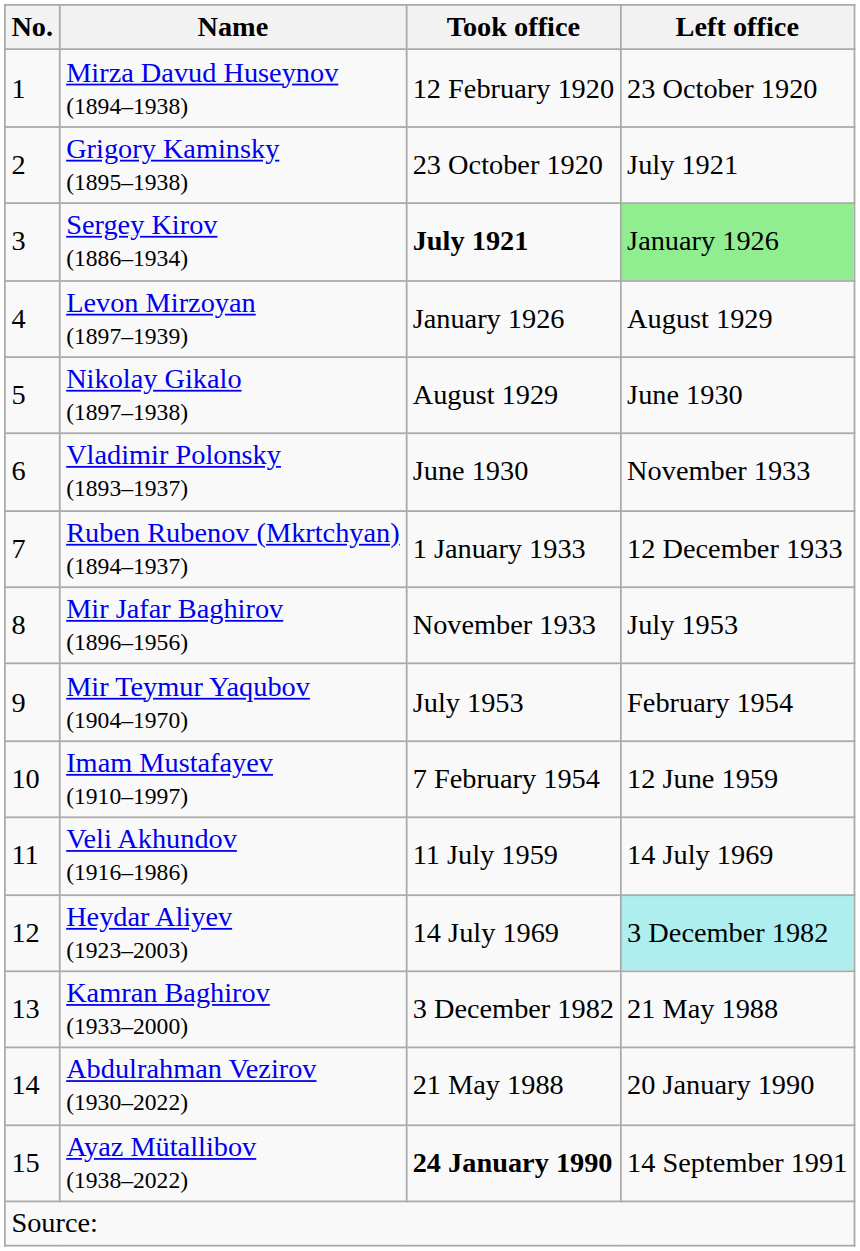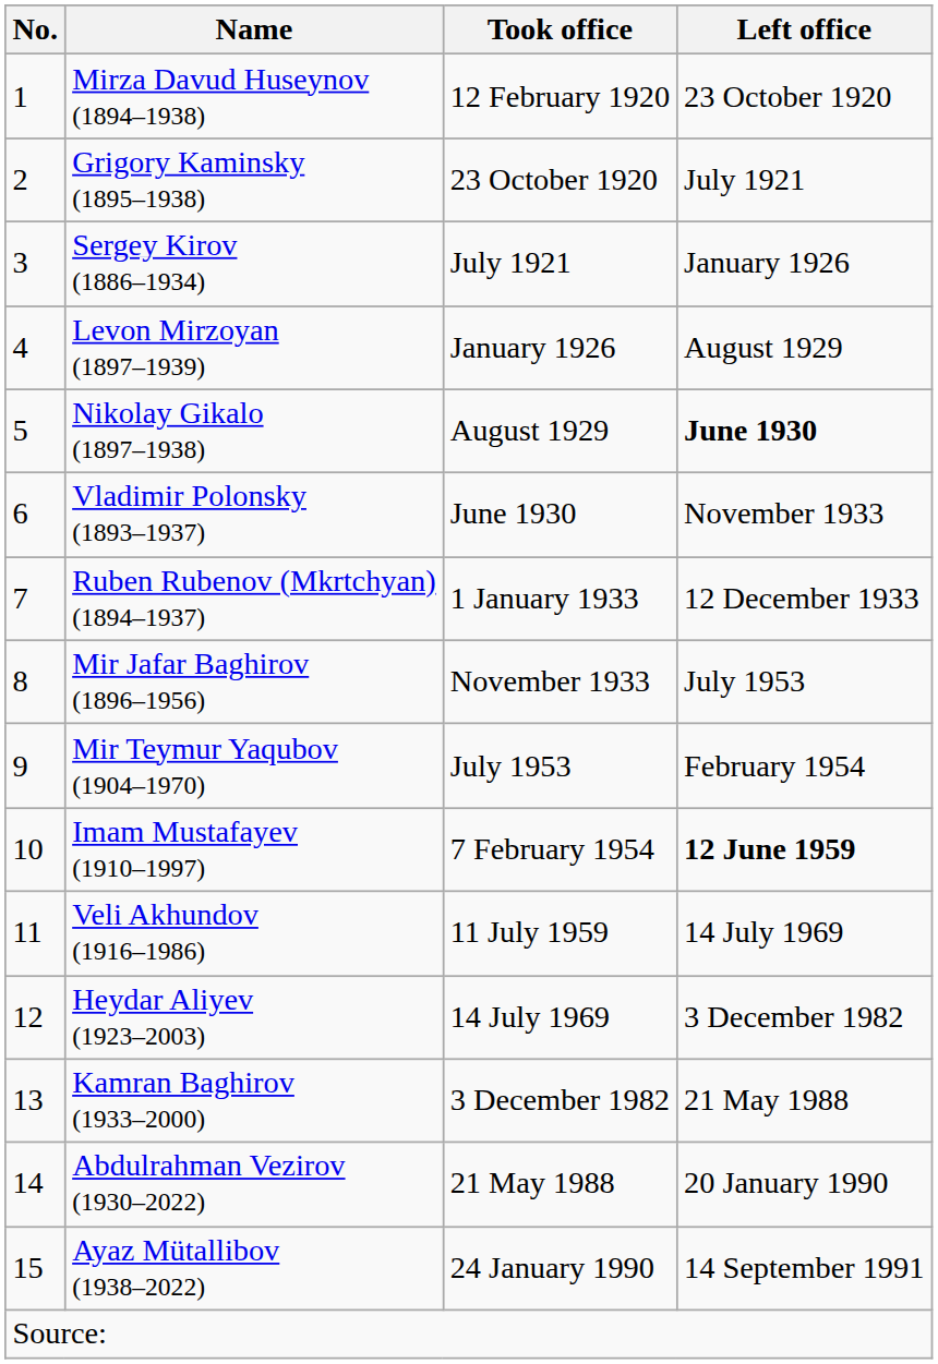 <table class="wikitable">
 <tr>
 <th>No.</th>
 <th>Name</th>
 <th>Took office</th>
 <th>Left office</th>
 </tr>
 <tr>
 <td>1</td>
 <td><a href='#'>Mirza Davud Huseynov</a><br><small>(1894–1938)</small></td>
 <td>12 February 1920</td>
 <td>23 October 1920</td>
 </tr>
 <tr>
 <td>2</td>
 <td><a href='#'>Grigory Kaminsky</a><br><small>(1895–1938)</small></td>
 <td>23 October 1920</td>
 <td>July 1921</td>
 </tr>
 <tr>
 <td>3</td>
 <td><a href='#'>Sergey Kirov</a><br><small>(1886–1934)</small></td>
-<td><strong>July 1921</strong></td>
-<td style="background: lightgreen;">January 1926</td>
+<td>July 1921</td>
+<td>January 1926</td>
 </tr>
 <tr>
 <td>4</td>
 <td><a href='#'>Levon Mirzoyan</a><br><small>(1897–1939)</small></td>
 <td>January 1926</td>
 <td>August 1929</td>
 </tr>
 <tr>
 <td>5</td>
 <td><a href='#'>Nikolay Gikalo</a><br><small>(1897–1938)</small></td>
 <td>August 1929</td>
-<td>June 1930</td>
+<td><strong>June 1930</strong></td>
 </tr>
 <tr>
 <td>6</td>
 <td><a href='#'>Vladimir Polonsky</a><br><small>(1893–1937)</small></td>
 <td>June 1930</td>
 <td>November 1933</td>
 </tr>
 <tr>
 <td>7</td>
 <td><a href='#'>Ruben Rubenov (Mkrtchyan)</a><br><small>(1894–1937)</small></td>
 <td>1 January 1933</td>
 <td>12 December 1933</td>
 </tr>
 <tr>
 <td>8</td>
 <td><a href='#'>Mir Jafar Baghirov</a><br><small>(1896–1956)</small></td>
 <td>November 1933</td>
 <td>July 1953</td>
 </tr>
 <tr>
 <td>9</td>
 <td><a href='#'>Mir Teymur Yaqubov</a><br><small>(1904–1970)</small></td>
 <td>July 1953</td>
 <td>February 1954</td>
 </tr>
 <tr>
 <td>10</td>
 <td><a href='#'>Imam Mustafayev</a><br><small>(1910–1997)</small></td>
 <td>7 February 1954</td>
-<td>12 June 1959</td>
+<td><strong>12 June 1959</strong></td>
 </tr>
 <tr>
 <td>11</td>
 <td><a href='#'>Veli Akhundov</a><br><small>(1916–1986)</small></td>
 <td>11 July 1959</td>
 <td>14 July 1969</td>
 </tr>
 <tr>
 <td>12</td>
 <td><a href='#'>Heydar Aliyev</a><br><small>(1923–2003)</small></td>
 <td>14 July 1969</td>
-<td style="background: paleturquoise;">3 December 1982</td>
+<td>3 December 1982</td>
 </tr>
 <tr>
 <td>13</td>
 <td><a href='#'>Kamran Baghirov</a><br><small>(1933–2000)</small></td>
 <td>3 December 1982</td>
 <td>21 May 1988</td>
 </tr>
 <tr>
 <td>14</td>
 <td><a href='#'>Abdulrahman Vezirov</a><br><small>(1930–2022)</small></td>
 <td>21 May 1988</td>
 <td>20 January 1990</td>
 </tr>
 <tr>
 <td>15</td>
 <td><a href='#'>Ayaz Mütallibov</a><br><small>(1938–2022)</small></td>
-<td><strong>24 January 1990</strong></td>
+<td>24 January 1990</td>
 <td>14 September 1991</td>
 </tr>
 <tr>
 <td colspan = "4">Source: </td>
 </tr>
 </table>
